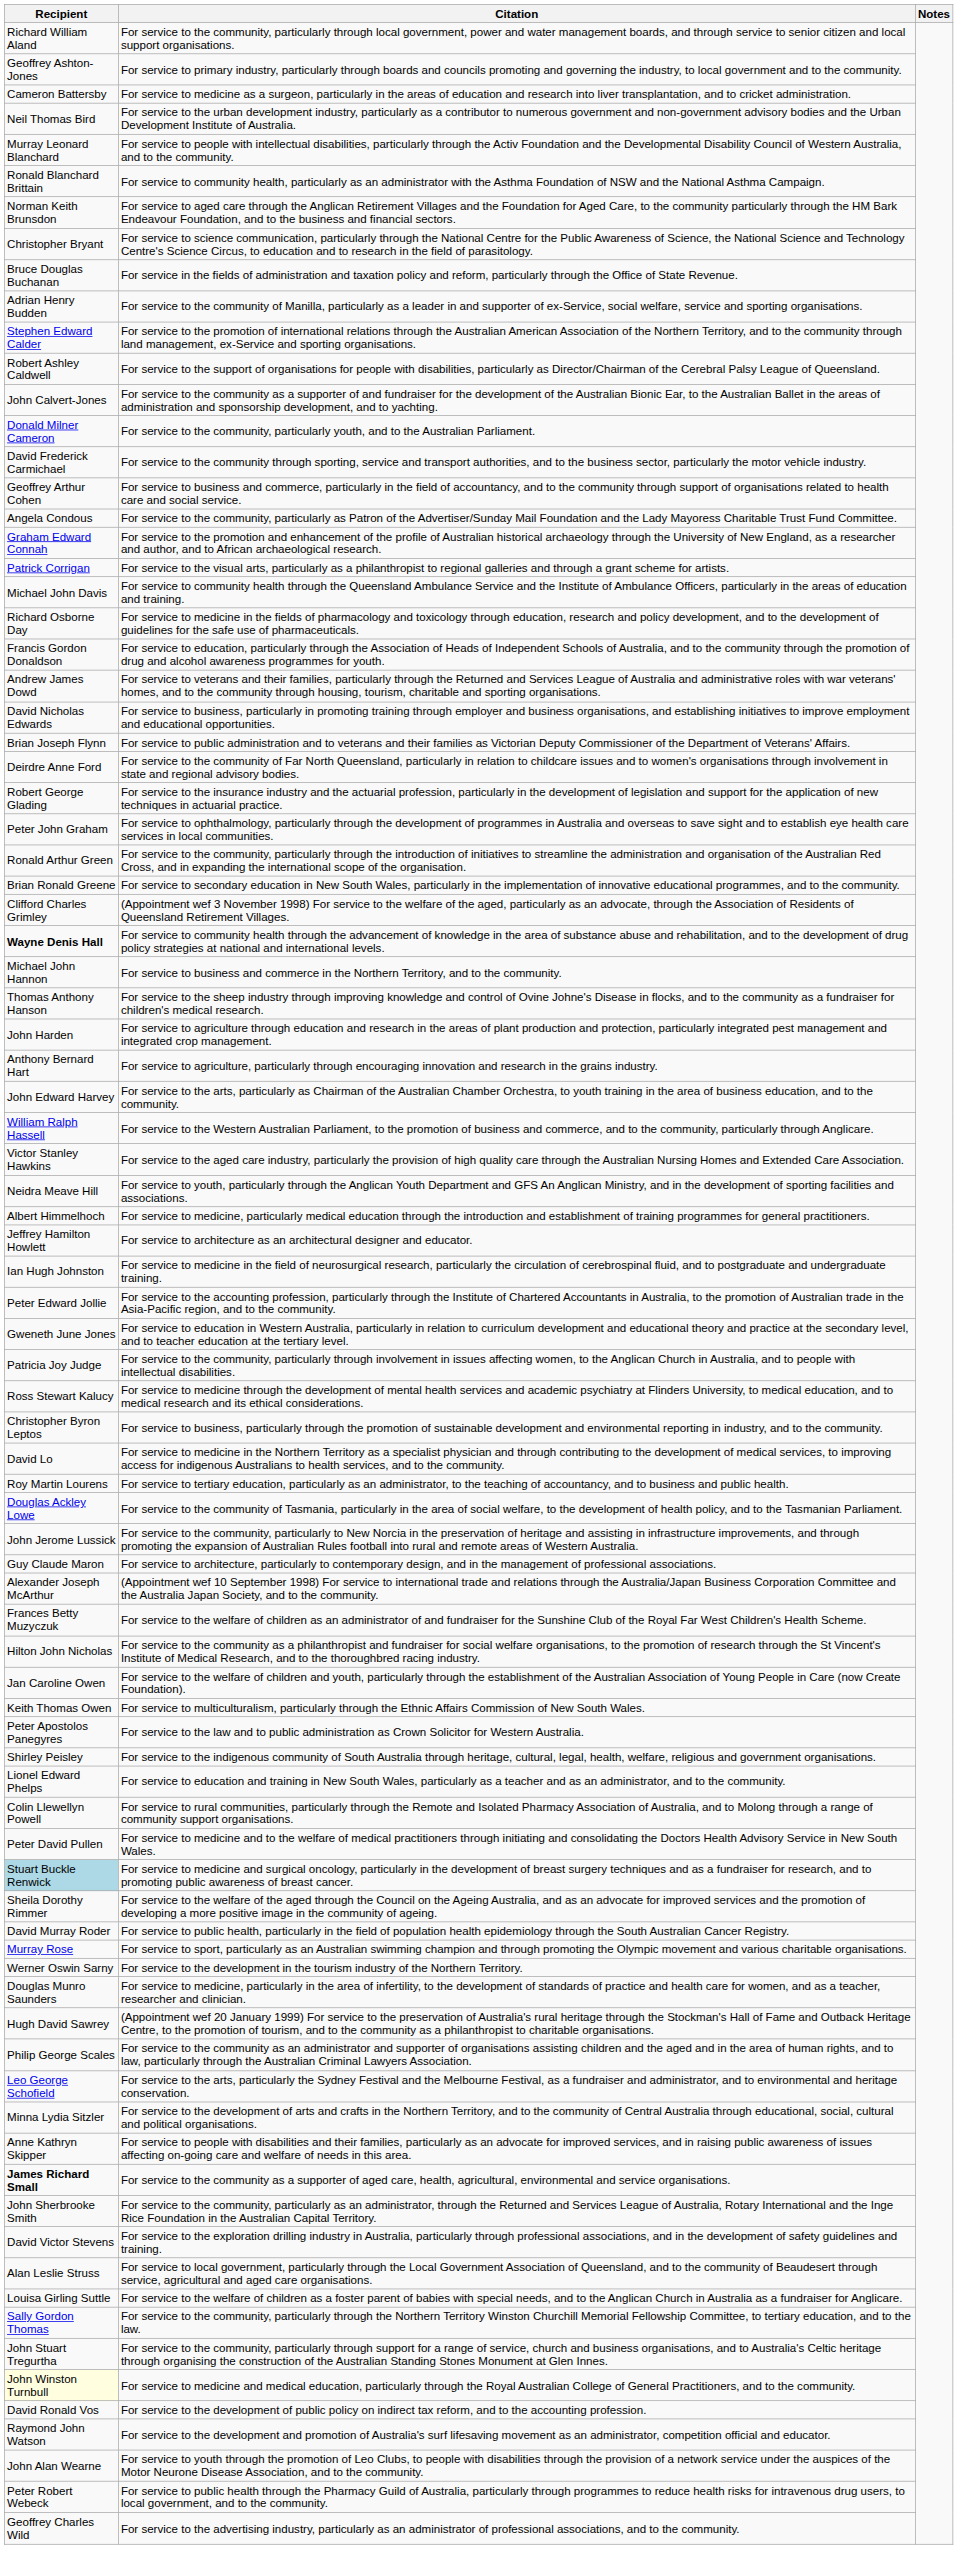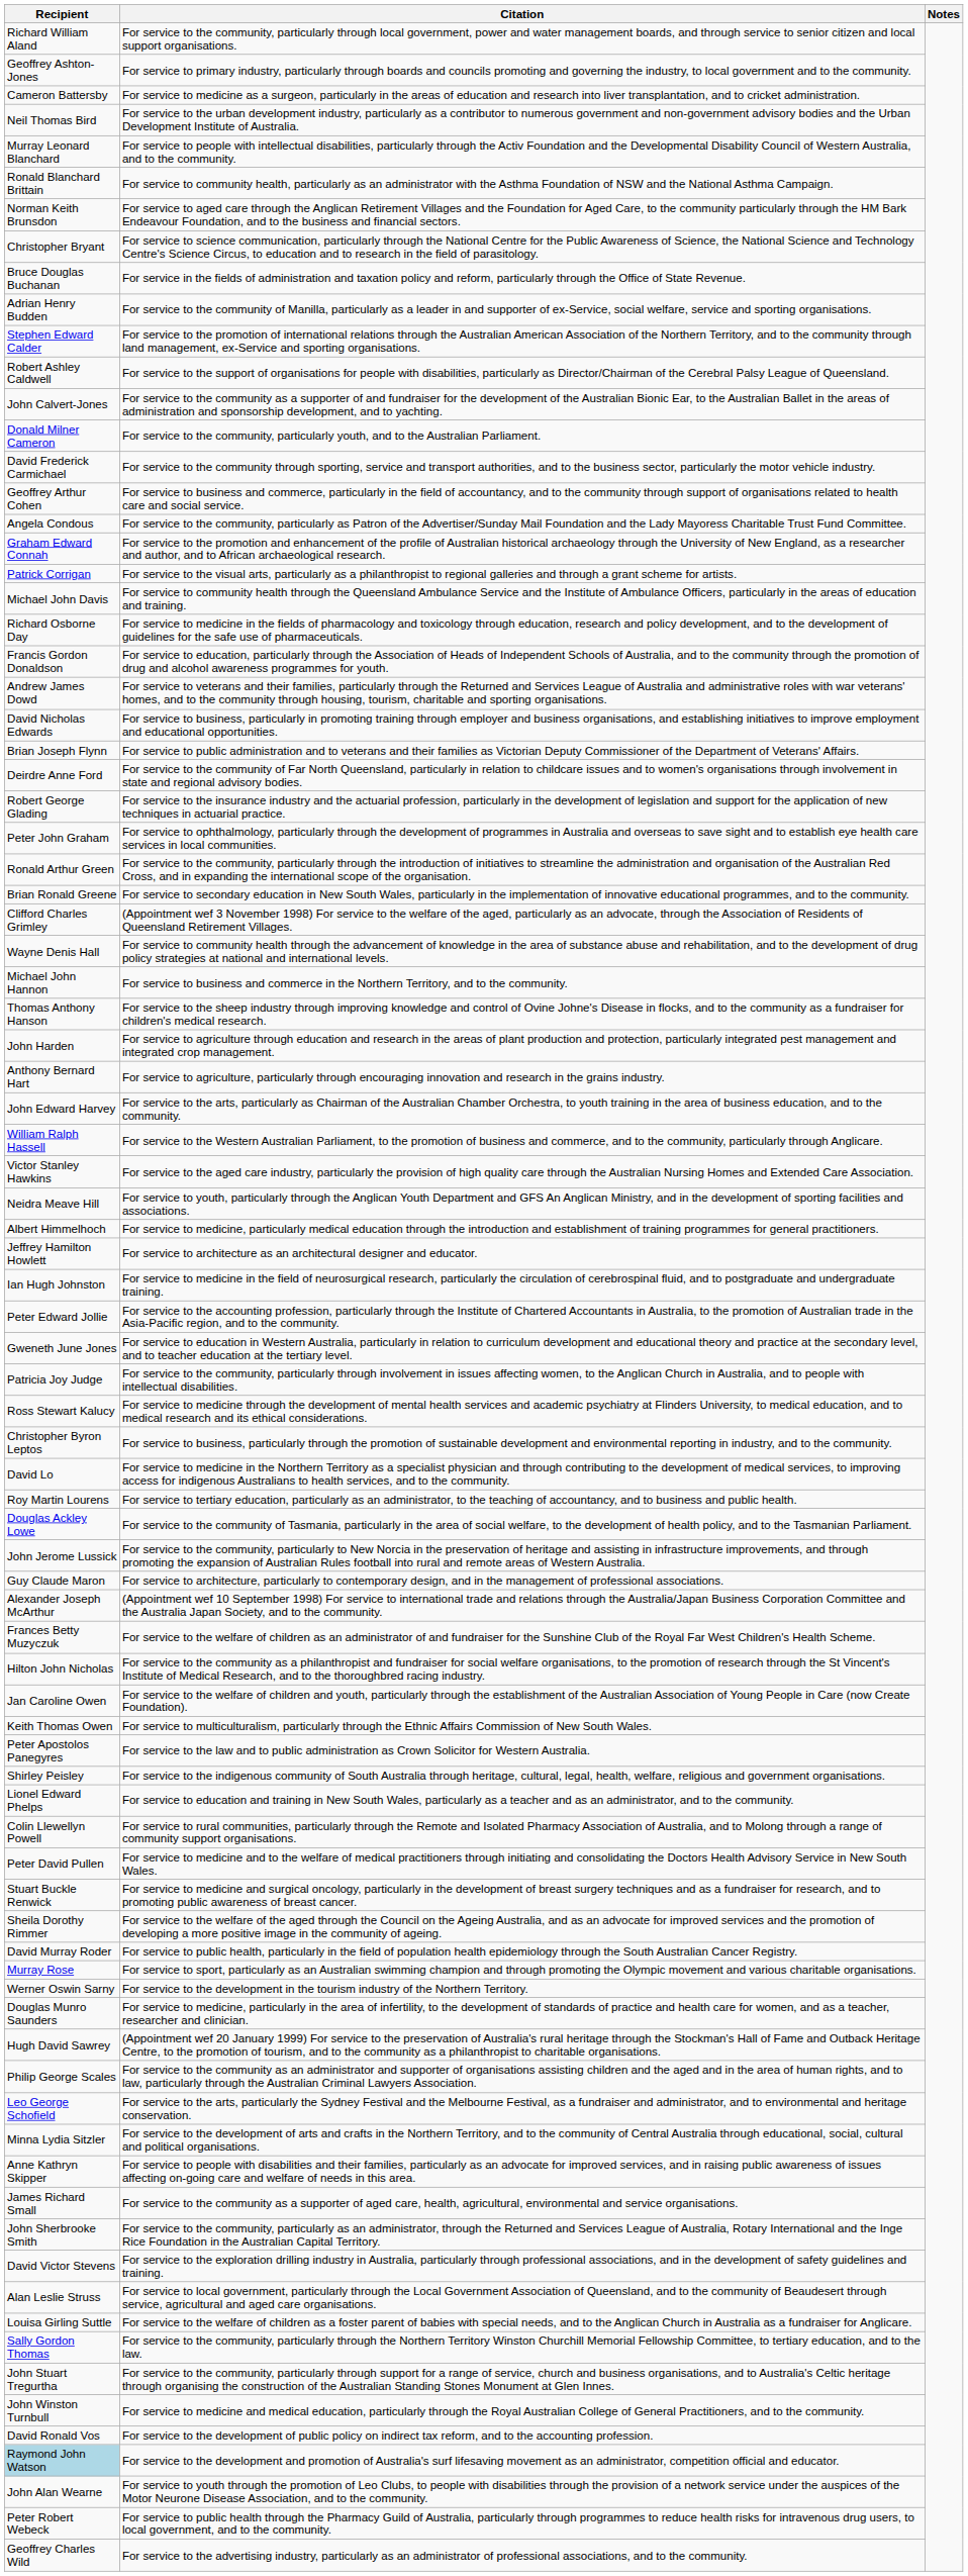 <table class="wikitable" style="font-size:95%;">
 <tr>
 <th>Recipient</th>
 <th>Citation</th>
 <th>Notes</th>
 </tr>
 <tr>
 <td>Richard William Aland</td>
 <td>For service to the community, particularly through local government, power and water management boards, and through service to senior citizen and local support organisations.</td>
 <td rowspan=88></td>
 </tr>
 <tr>
 <td>Geoffrey Ashton-Jones</td>
 <td>For service to primary industry, particularly through boards and councils promoting and governing the industry, to local government and to the community.</td>
 </tr>
 <tr>
 <td> Cameron Battersby</td>
 <td>For service to medicine as a surgeon, particularly in the areas of education and research into liver transplantation, and to cricket administration.</td>
 </tr>
 <tr>
 <td>Neil Thomas Bird</td>
 <td>For service to the urban development industry, particularly as a contributor to numerous government and non-government advisory bodies and the Urban Development Institute of Australia.</td>
 </tr>
 <tr>
 <td>Murray Leonard Blanchard</td>
 <td>For service to people with intellectual disabilities, particularly through the Activ Foundation and the Developmental Disability Council of Western Australia, and to the community.</td>
 </tr>
 <tr>
 <td>Ronald Blanchard Brittain</td>
 <td>For service to community health, particularly as an administrator with the Asthma Foundation of NSW and the National Asthma Campaign.</td>
 </tr>
 <tr>
 <td>Norman Keith Brunsdon</td>
 <td>For service to aged care through the Anglican Retirement Villages and the Foundation for Aged Care, to the community particularly through the HM Bark Endeavour Foundation, and to the business and financial sectors.</td>
 </tr>
 <tr>
 <td> Christopher Bryant</td>
 <td>For service to science communication, particularly through the National Centre for the Public Awareness of Science, the National Science and Technology Centre's Science Circus, to education and to research in the field of parasitology.</td>
 </tr>
 <tr>
 <td>Bruce Douglas Buchanan</td>
 <td>For service in the fields of administration and taxation policy and reform, particularly through the Office of State Revenue.</td>
 </tr>
 <tr>
 <td>Adrian Henry Budden</td>
 <td>For service to the community of Manilla, particularly as a leader in and supporter of ex-Service, social welfare, service and sporting organisations.</td>
 </tr>
 <tr>
 <td><a href='#'>Stephen Edward Calder</a></td>
 <td>For service to the promotion of international relations through the Australian American Association of the Northern Territory, and to the community through land management, ex-Service and sporting organisations.</td>
 </tr>
 <tr>
 <td>Robert Ashley Caldwell</td>
 <td>For service to the support of organisations for people with disabilities, particularly as Director/Chairman of the Cerebral Palsy League of Queensland.</td>
 </tr>
 <tr>
 <td>John Calvert-Jones</td>
 <td>For service to the community as a supporter of and fundraiser for the development of the Australian Bionic Ear, to the Australian Ballet in the areas of administration and sponsorship development, and to yachting.</td>
 </tr>
 <tr>
 <td><a href='#'>Donald Milner Cameron</a></td>
 <td>For service to the community, particularly youth, and to the Australian Parliament.</td>
 </tr>
 <tr>
 <td>David Frederick Carmichael</td>
 <td>For service to the community through sporting, service and transport authorities, and to the business sector, particularly the motor vehicle industry.</td>
 </tr>
 <tr>
 <td>Geoffrey Arthur Cohen</td>
 <td>For service to business and commerce, particularly in the field of accountancy, and to the community through support of organisations related to health care and social service.</td>
 </tr>
 <tr>
 <td>Angela Condous</td>
 <td>For service to the community, particularly as Patron of the Advertiser/Sunday Mail Foundation and the Lady Mayoress Charitable Trust Fund Committee.</td>
 </tr>
 <tr>
 <td> <a href='#'>Graham Edward Connah</a></td>
 <td>For service to the promotion and enhancement of the profile of Australian historical archaeology through the University of New England, as a researcher and author, and to African archaeological research.</td>
 </tr>
 <tr>
 <td><a href='#'>Patrick Corrigan</a></td>
 <td>For service to the visual arts, particularly as a philanthropist to regional galleries and through a grant scheme for artists.</td>
 </tr>
 <tr>
 <td>Michael John Davis</td>
 <td>For service to community health through the Queensland Ambulance Service and the Institute of Ambulance Officers, particularly in the areas of education and training.</td>
 </tr>
 <tr>
 <td> Richard Osborne Day</td>
 <td>For service to medicine in the fields of pharmacology and toxicology through education, research and policy development, and to the development of guidelines for the safe use of pharmaceuticals.</td>
 </tr>
 <tr>
 <td> Francis Gordon Donaldson</td>
 <td>For service to education, particularly through the Association of Heads of Independent Schools of Australia, and to the community through the promotion of drug and alcohol awareness programmes for youth.</td>
 </tr>
 <tr>
 <td>Andrew James Dowd</td>
 <td>For service to veterans and their families, particularly through the Returned and Services League of Australia and administrative roles with war veterans' homes, and to the community through housing, tourism, charitable and sporting organisations.</td>
 </tr>
 <tr>
 <td>David Nicholas Edwards</td>
 <td>For service to business, particularly in promoting training through employer and business organisations, and establishing initiatives to improve employment and educational opportunities.</td>
 </tr>
 <tr>
 <td>Brian Joseph Flynn</td>
 <td>For service to public administration and to veterans and their families as Victorian Deputy Commissioner of the Department of Veterans' Affairs.</td>
 </tr>
 <tr>
 <td> Deirdre Anne Ford</td>
 <td>For service to the community of Far North Queensland, particularly in relation to childcare issues and to women's organisations through involvement in state and regional advisory bodies.</td>
 </tr>
 <tr>
 <td>Robert George Glading</td>
 <td>For service to the insurance industry and the actuarial profession, particularly in the development of legislation and support for the application of new techniques in actuarial practice.</td>
 </tr>
 <tr>
 <td> Peter John Graham</td>
 <td>For service to ophthalmology, particularly through the development of programmes in Australia and overseas to save sight and to establish eye health care services in local communities.</td>
 </tr>
 <tr>
 <td>Ronald Arthur Green</td>
 <td>For service to the community, particularly through the introduction of initiatives to streamline the administration and organisation of the Australian Red Cross, and in expanding the international scope of the organisation.</td>
 </tr>
 <tr>
 <td>Brian Ronald Greene</td>
 <td>For service to secondary education in New South Wales, particularly in the implementation of innovative educational programmes, and to the community.</td>
 </tr>
 <tr>
 <td>Clifford Charles Grimley</td>
 <td>(Appointment wef 3 November 1998) For service to the welfare of the aged, particularly as an advocate, through the Association of Residents of Queensland Retirement Villages.</td>
 </tr>
 <tr>
-<td><strong> Wayne Denis Hall</strong></td>
+<td> Wayne Denis Hall</td>
 <td>For service to community health through the advancement of knowledge in the area of substance abuse and rehabilitation, and to the development of drug policy strategies at national and international levels.</td>
 </tr>
 <tr>
 <td>Michael John Hannon</td>
 <td>For service to business and commerce in the Northern Territory, and to the community.</td>
 </tr>
 <tr>
 <td> Thomas Anthony Hanson</td>
 <td>For service to the sheep industry through improving knowledge and control of Ovine Johne's Disease in flocks, and to the community as a fundraiser for children's medical research.</td>
 </tr>
 <tr>
 <td> John Harden</td>
 <td>For service to agriculture through education and research in the areas of plant production and protection, particularly integrated pest management and integrated crop management.</td>
 </tr>
 <tr>
 <td>Anthony Bernard Hart</td>
 <td>For service to agriculture, particularly through encouraging innovation and research in the grains industry.</td>
 </tr>
 <tr>
 <td>John Edward Harvey</td>
 <td>For service to the arts, particularly as Chairman of the Australian Chamber Orchestra, to youth training in the area of business education, and to the community.</td>
 </tr>
 <tr>
 <td><a href='#'>William Ralph Hassell</a></td>
 <td>For service to the Western Australian Parliament, to the promotion of business and commerce, and to the community, particularly through Anglicare.</td>
 </tr>
 <tr>
 <td>Victor Stanley Hawkins</td>
 <td>For service to the aged care industry, particularly the provision of high quality care through the Australian Nursing Homes and Extended Care Association.</td>
 </tr>
 <tr>
 <td>Neidra Meave Hill</td>
 <td>For service to youth, particularly through the Anglican Youth Department and GFS An Anglican Ministry, and in the development of sporting facilities and associations.</td>
 </tr>
 <tr>
 <td> Albert Himmelhoch</td>
 <td>For service to medicine, particularly medical education through the introduction and establishment of training programmes for general practitioners.</td>
 </tr>
 <tr>
 <td>Jeffrey Hamilton Howlett</td>
 <td>For service to architecture as an architectural designer and educator.</td>
 </tr>
 <tr>
 <td> Ian Hugh Johnston</td>
 <td>For service to medicine in the field of neurosurgical research, particularly the circulation of cerebrospinal fluid, and to postgraduate and undergraduate training.</td>
 </tr>
 <tr>
 <td>Peter Edward Jollie</td>
 <td>For service to the accounting profession, particularly through the Institute of Chartered Accountants in Australia, to the promotion of Australian trade in the Asia-Pacific region, and to the community.</td>
 </tr>
 <tr>
 <td>Gweneth June Jones</td>
 <td>For service to education in Western Australia, particularly in relation to curriculum development and educational theory and practice at the secondary level, and to teacher education at the tertiary level.</td>
 </tr>
 <tr>
 <td>Patricia Joy Judge</td>
 <td>For service to the community, particularly through involvement in issues affecting women, to the Anglican Church in Australia, and to people with intellectual disabilities.</td>
 </tr>
 <tr>
 <td> Ross Stewart Kalucy</td>
 <td>For service to medicine through the development of mental health services and academic psychiatry at Flinders University, to medical education, and to medical research and its ethical considerations.</td>
 </tr>
 <tr>
 <td>Christopher Byron Leptos</td>
 <td>For service to business, particularly through the promotion of sustainable development and environmental reporting in industry, and to the community.</td>
 </tr>
 <tr>
 <td> David Lo</td>
 <td>For service to medicine in the Northern Territory as a specialist physician and through contributing to the development of medical services, to improving access for indigenous Australians to health services, and to the community.</td>
 </tr>
 <tr>
 <td> Roy Martin Lourens</td>
 <td>For service to tertiary education, particularly as an administrator, to the teaching of accountancy, and to business and public health.</td>
 </tr>
 <tr>
 <td> <a href='#'>Douglas Ackley Lowe</a></td>
 <td>For service to the community of Tasmania, particularly in the area of social welfare, to the development of health policy, and to the Tasmanian Parliament.</td>
 </tr>
 <tr>
 <td>John Jerome Lussick</td>
 <td>For service to the community, particularly to New Norcia in the preservation of heritage and assisting in infrastructure improvements, and through promoting the expansion of Australian Rules football into rural and remote areas of Western Australia.</td>
 </tr>
 <tr>
 <td>Guy Claude Maron</td>
 <td>For service to architecture, particularly to contemporary design, and in the management of professional associations.</td>
 </tr>
 <tr>
 <td>Alexander Joseph McArthur</td>
 <td>(Appointment wef 10 September 1998) For service to international trade and relations through the Australia/Japan Business Corporation Committee and the Australia Japan Society, and to the community.</td>
 </tr>
 <tr>
 <td>Frances Betty Muzyczuk</td>
 <td>For service to the welfare of children as an administrator of and fundraiser for the Sunshine Club of the Royal Far West Children's Health Scheme.</td>
 </tr>
 <tr>
 <td>Hilton John Nicholas</td>
 <td>For service to the community as a philanthropist and fundraiser for social welfare organisations, to the promotion of research through the St Vincent's Institute of Medical Research, and to the thoroughbred racing industry.</td>
 </tr>
 <tr>
 <td>Jan Caroline Owen</td>
 <td>For service to the welfare of children and youth, particularly through the establishment of the Australian Association of Young People in Care (now Create Foundation).</td>
 </tr>
 <tr>
 <td>Keith Thomas Owen</td>
 <td>For service to multiculturalism, particularly through the Ethnic Affairs Commission of New South Wales.</td>
 </tr>
 <tr>
 <td>Peter Apostolos Panegyres</td>
 <td>For service to the law and to public administration as Crown Solicitor for Western Australia.</td>
 </tr>
 <tr>
 <td>Shirley Peisley</td>
 <td>For service to the indigenous community of South Australia through heritage, cultural, legal, health, welfare, religious and government organisations.</td>
 </tr>
 <tr>
 <td> Lionel Edward Phelps</td>
 <td>For service to education and training in New South Wales, particularly as a teacher and as an administrator, and to the community.</td>
 </tr>
 <tr>
 <td>Colin Llewellyn Powell</td>
 <td>For service to rural communities, particularly through the Remote and Isolated Pharmacy Association of Australia, and to Molong through a range of community support organisations.</td>
 </tr>
 <tr>
 <td> Peter David Pullen</td>
 <td>For service to medicine and to the welfare of medical practitioners through initiating and consolidating the Doctors Health Advisory Service in New South Wales.</td>
 </tr>
 <tr>
-<td style="background: lightblue;"> Stuart Buckle Renwick</td>
+<td> Stuart Buckle Renwick</td>
 <td>For service to medicine and surgical oncology, particularly in the development of breast surgery techniques and as a fundraiser for research, and to promoting public awareness of breast cancer.</td>
 </tr>
 <tr>
 <td>Sheila Dorothy Rimmer</td>
 <td>For service to the welfare of the aged through the Council on the Ageing Australia, and as an advocate for improved services and the promotion of developing a more positive image in the community of ageing.</td>
 </tr>
 <tr>
 <td> David Murray Roder</td>
 <td>For service to public health, particularly in the field of population health epidemiology through the South Australian Cancer Registry.</td>
 </tr>
 <tr>
 <td><a href='#'>Murray Rose</a></td>
 <td>For service to sport, particularly as an Australian swimming champion and through promoting the Olympic movement and various charitable organisations.</td>
 </tr>
 <tr>
 <td>Werner Oswin Sarny</td>
 <td>For service to the development in the tourism industry of the Northern Territory.</td>
 </tr>
 <tr>
 <td> Douglas Munro Saunders</td>
 <td>For service to medicine, particularly in the area of infertility, to the development of standards of practice and health care for women, and as a teacher, researcher and clinician.</td>
 </tr>
 <tr>
 <td>Hugh David Sawrey</td>
 <td>(Appointment wef 20 January 1999) For service to the preservation of Australia's rural heritage through the Stockman's Hall of Fame and Outback Heritage Centre, to the promotion of tourism, and to the community as a philanthropist to charitable organisations.</td>
 </tr>
 <tr>
 <td>Philip George Scales</td>
 <td>For service to the community as an administrator and supporter of organisations assisting children and the aged and in the area of human rights, and to law, particularly through the Australian Criminal Lawyers Association.</td>
 </tr>
 <tr>
 <td><a href='#'>Leo George Schofield</a></td>
 <td>For service to the arts, particularly the Sydney Festival and the Melbourne Festival, as a fundraiser and administrator, and to environmental and heritage conservation.</td>
 </tr>
 <tr>
 <td>Minna Lydia Sitzler</td>
 <td>For service to the development of arts and crafts in the Northern Territory, and to the community of Central Australia through educational, social, cultural and political organisations.</td>
 </tr>
 <tr>
 <td>Anne Kathryn Skipper</td>
 <td>For service to people with disabilities and their families, particularly as an advocate for improved services, and in raising public awareness of issues affecting on-going care and welfare of needs in this area.</td>
 </tr>
 <tr>
-<td><strong>James Richard Small</strong></td>
+<td>James Richard Small</td>
 <td>For service to the community as a supporter of aged care, health, agricultural, environmental and service organisations.</td>
 </tr>
 <tr>
 <td>John Sherbrooke Smith</td>
 <td>For service to the community, particularly as an administrator, through the Returned and Services League of Australia, Rotary International and the Inge Rice Foundation in the Australian Capital Territory.</td>
 </tr>
 <tr>
 <td>David Victor Stevens</td>
 <td>For service to the exploration drilling industry in Australia, particularly through professional associations, and in the development of safety guidelines and training.</td>
 </tr>
 <tr>
 <td>Alan Leslie Struss</td>
 <td>For service to local government, particularly through the Local Government Association of Queensland, and to the community of Beaudesert through service, agricultural and aged care organisations.</td>
 </tr>
 <tr>
 <td>Louisa Girling Suttle</td>
 <td>For service to the welfare of children as a foster parent of babies with special needs, and to the Anglican Church in Australia as a fundraiser for Anglicare.</td>
 </tr>
 <tr>
 <td> <a href='#'>Sally Gordon Thomas</a></td>
 <td>For service to the community, particularly through the Northern Territory Winston Churchill Memorial Fellowship Committee, to tertiary education, and to the law.</td>
 </tr>
 <tr>
 <td>John Stuart Tregurtha</td>
 <td>For service to the community, particularly through support for a range of service, church and business organisations, and to Australia's Celtic heritage through organising the construction of the Australian Standing Stones Monument at Glen Innes.</td>
 </tr>
 <tr>
-<td style="background: lightyellow;"> John Winston Turnbull</td>
+<td> John Winston Turnbull</td>
 <td>For service to medicine and medical education, particularly through the Royal Australian College of General Practitioners, and to the community.</td>
 </tr>
 <tr>
 <td>David Ronald Vos</td>
 <td>For service to the development of public policy on indirect tax reform, and to the accounting profession.</td>
 </tr>
 <tr>
-<td>Raymond John Watson</td>
+<td style="background: lightblue;">Raymond John Watson</td>
 <td>For service to the development and promotion of Australia's surf lifesaving movement as an administrator, competition official and educator.</td>
 </tr>
 <tr>
 <td>John Alan Wearne</td>
 <td>For service to youth through the promotion of Leo Clubs, to people with disabilities through the provision of a network service under the auspices of the Motor Neurone Disease Association, and to the community.</td>
 </tr>
 <tr>
 <td>Peter Robert Webeck</td>
 <td>For service to public health through the Pharmacy Guild of Australia, particularly through programmes to reduce health risks for intravenous drug users, to local government, and to the community.</td>
 </tr>
 <tr>
 <td>Geoffrey Charles Wild</td>
 <td>For service to the advertising industry, particularly as an administrator of professional associations, and to the community.</td>
 </tr>
 </table>
